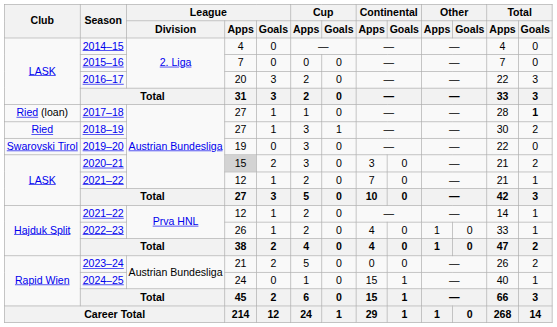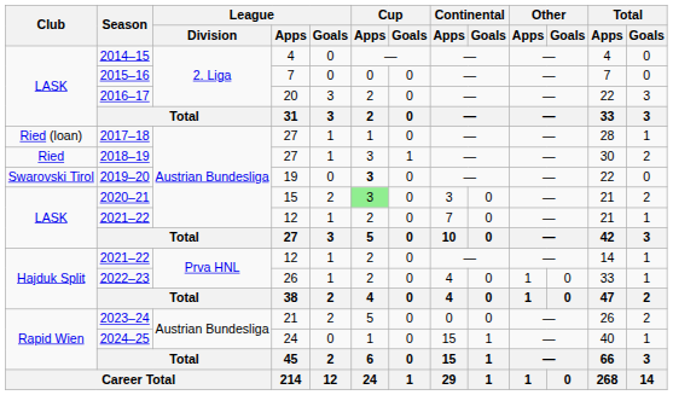 <table class="wikitable" style="text-align: center;">
 <tr>
 <th rowspan=2>Club</th>
 <th rowspan=2>Season</th>
 <th colspan=3>League</th>
 <th colspan=2>Cup</th>
 <th colspan=2>Continental</th>
 <th colspan=2>Other</th>
 <th colspan=2>Total</th>
 </tr>
 <tr>
 <th>Division</th>
 <th>Apps</th>
 <th>Goals</th>
 <th>Apps</th>
 <th>Goals</th>
 <th>Apps</th>
 <th>Goals</th>
 <th>Apps</th>
 <th>Goals</th>
 <th>Apps</th>
 <th>Goals</th>
 </tr>
 <tr>
 <td rowspan="4"><a href='#'>LASK</a></td>
 <td><a href='#'>2014–15</a></td>
 <td rowspan="3"><a href='#'>2. Liga</a></td>
 <td>4</td>
 <td>0</td>
 <td colspan="2">—</td>
 <td colspan="2">—</td>
 <td colspan="2">—</td>
 <td>4</td>
 <td>0</td>
 </tr>
 <tr>
 <td><a href='#'>2015–16</a></td>
 <td>7</td>
 <td>0</td>
 <td>0</td>
 <td>0</td>
 <td colspan="2">—</td>
 <td colspan="2">—</td>
 <td>7</td>
 <td>0</td>
 </tr>
 <tr>
 <td><a href='#'>2016–17</a></td>
 <td>20</td>
 <td>3</td>
 <td>2</td>
 <td>0</td>
 <td colspan="2">—</td>
 <td colspan="2">—</td>
 <td>22</td>
 <td>3</td>
 </tr>
 <tr>
 <th colspan="2">Total</th>
 <th>31</th>
 <th>3</th>
 <th>2</th>
 <th>0</th>
 <th colspan="2">—</th>
 <th colspan="2">—</th>
 <th>33</th>
 <th>3</th>
 </tr>
 <tr>
 <td><a href='#'>Ried</a> (loan)</td>
 <td><a href='#'>2017–18</a></td>
 <td rowspan="5"><a href='#'>Austrian Bundesliga</a></td>
 <td>27</td>
 <td>1</td>
 <td>1</td>
 <td>0</td>
 <td colspan="2">—</td>
 <td colspan="2">—</td>
 <td>28</td>
-<td><strong>1</strong></td>
+<td>1</td>
 </tr>
 <tr>
 <td><a href='#'>Ried</a></td>
 <td><a href='#'>2018–19</a></td>
 <td>27</td>
 <td>1</td>
 <td>3</td>
 <td>1</td>
 <td colspan="2">—</td>
 <td colspan="2">—</td>
 <td>30</td>
 <td>2</td>
 </tr>
 <tr>
 <td><a href='#'>Swarovski Tirol</a></td>
 <td><a href='#'>2019–20</a></td>
 <td>19</td>
 <td>0</td>
-<td>3</td>
+<td><strong>3</strong></td>
 <td>0</td>
 <td colspan="2">—</td>
 <td colspan="2">—</td>
 <td>22</td>
 <td>0</td>
 </tr>
 <tr>
 <td rowspan="3"><a href='#'>LASK</a></td>
 <td><a href='#'>2020–21</a></td>
-<td style="background: lightgrey;">15</td>
+<td>15</td>
 <td>2</td>
-<td>3</td>
+<td style="background: lightgreen;">3</td>
 <td>0</td>
 <td>3</td>
 <td>0</td>
 <td colspan="2">—</td>
 <td>21</td>
 <td>2</td>
 </tr>
 <tr>
 <td><a href='#'>2021–22</a></td>
 <td>12</td>
 <td>1</td>
 <td>2</td>
 <td>0</td>
 <td>7</td>
 <td>0</td>
 <td colspan="2">—</td>
 <td>21</td>
 <td>1</td>
 </tr>
 <tr>
 <th colspan="2">Total</th>
 <th>27</th>
 <th>3</th>
 <th>5</th>
 <th>0</th>
 <th>10</th>
 <th>0</th>
 <th colspan="2">—</th>
 <th>42</th>
 <th>3</th>
 </tr>
 <tr>
 <td rowspan="3"><a href='#'>Hajduk Split</a></td>
 <td><a href='#'>2021–22</a></td>
 <td rowspan="2"><a href='#'>Prva HNL</a></td>
 <td>12</td>
 <td>1</td>
 <td>2</td>
 <td>0</td>
 <td colspan="2">—</td>
 <td colspan="2">—</td>
 <td>14</td>
 <td>1</td>
 </tr>
 <tr>
 <td><a href='#'>2022–23</a></td>
 <td>26</td>
 <td>1</td>
 <td>2</td>
 <td>0</td>
 <td>4</td>
 <td>0</td>
 <td>1</td>
 <td>0</td>
 <td>33</td>
 <td>1</td>
 </tr>
 <tr>
 <th colspan="2">Total</th>
 <th>38</th>
 <th>2</th>
 <th>4</th>
 <th>0</th>
 <th>4</th>
 <th>0</th>
 <th>1</th>
 <th>0</th>
 <th>47</th>
 <th>2</th>
 </tr>
 <tr>
 <td rowspan="3"><a href='#'>Rapid Wien</a></td>
 <td><a href='#'>2023–24</a></td>
 <td rowspan="2">Austrian Bundesliga</td>
 <td>21</td>
 <td>2</td>
 <td>5</td>
 <td>0</td>
 <td>0</td>
 <td>0</td>
 <td colspan="2">—</td>
 <td>26</td>
 <td>2</td>
 </tr>
 <tr>
 <td><a href='#'>2024–25</a></td>
 <td>24</td>
 <td>0</td>
 <td>1</td>
 <td>0</td>
 <td>15</td>
 <td>1</td>
 <td colspan="2">—</td>
 <td>40</td>
 <td>1</td>
 </tr>
 <tr>
 <th colspan="2">Total</th>
 <th>45</th>
 <th>2</th>
 <th>6</th>
 <th>0</th>
 <th>15</th>
 <th>1</th>
 <th colspan="2">—</th>
 <th>66</th>
 <th>3</th>
 </tr>
 <tr>
 <th colspan="3">Career Total</th>
 <th>214</th>
 <th>12</th>
 <th>24</th>
 <th>1</th>
 <th>29</th>
 <th>1</th>
 <th>1</th>
 <th>0</th>
 <th>268</th>
 <th>14</th>
 </tr>
 </table>
